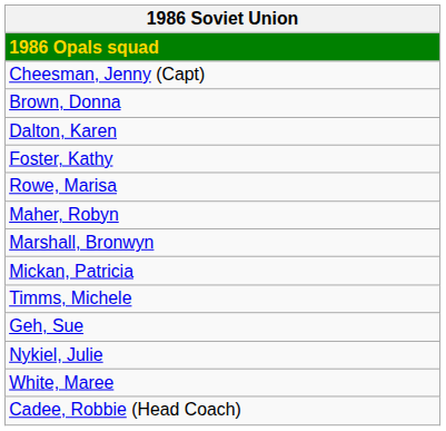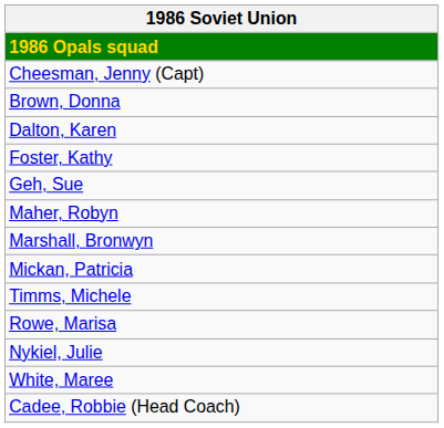 <table class="wikitable collapsible autocollapse" width=25%>
 <tr>
 <th>1986 Soviet Union</th>
 </tr>
 <tr>
 <td bgcolor=green style="color:gold; width:200px"><strong>1986 Opals squad</strong></td>
 </tr>
 <tr>
 <td><a href='#'>Cheesman, Jenny</a> (Capt)</td>
 </tr>
 <tr>
 <td><a href='#'>Brown, Donna</a></td>
 </tr>
 <tr>
 <td><a href='#'>Dalton, Karen</a></td>
 </tr>
 <tr>
 <td><a href='#'>Foster, Kathy</a></td>
 </tr>
 <tr>
-<td><a href='#'>Rowe, Marisa</a></td>
+<td><a href='#'>Geh, Sue</a></td>
 </tr>
 <tr>
 <td><a href='#'>Maher, Robyn</a></td>
 </tr>
 <tr>
 <td><a href='#'>Marshall, Bronwyn</a></td>
 </tr>
 <tr>
 <td><a href='#'>Mickan, Patricia</a></td>
 </tr>
 <tr>
 <td><a href='#'>Timms, Michele</a></td>
 </tr>
 <tr>
-<td><a href='#'>Geh, Sue</a></td>
+<td><a href='#'>Rowe, Marisa</a></td>
 </tr>
 <tr>
 <td><a href='#'>Nykiel, Julie</a></td>
 </tr>
 <tr>
 <td><a href='#'>White, Maree</a></td>
 </tr>
 <tr>
 <td><a href='#'>Cadee, Robbie</a> (Head Coach)</td>
 </tr>
 </table>
